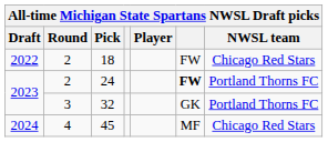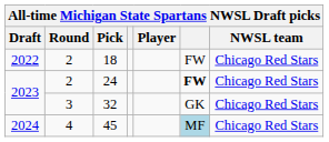 <table class="wikitable sortable" style="text-align: center;">
 <tr>
 <th colspan="7" style="background:#">All-time <a href='#'><span>Michigan State Spartans</span></a> NWSL Draft picks</th>
 </tr>
 <tr>
 <th scope="col">Draft</th>
 <th scope="col">Round</th>
 <th scope="col">Pick</th>
 <th scope="col"></th>
 <th scope="col">Player</th>
 <th scope="col"></th>
 <th scope="col">NWSL team</th>
 </tr>
 <tr>
 <td><a href='#'>2022</a></td>
 <td>2</td>
 <td>18</td>
 <td></td>
 <td></td>
 <td>FW</td>
 <td><a href='#'>Chicago Red Stars</a></td>
 </tr>
 <tr>
 <td rowspan="2"><a href='#'>2023</a></td>
 <td>2</td>
 <td>24</td>
 <td></td>
 <td></td>
 <td><strong>FW</strong></td>
-<td><a href='#'>Portland Thorns FC</a></td>
+<td><a href='#'>Chicago Red Stars</a></td>
 </tr>
 <tr>
 <td>3</td>
 <td>32</td>
 <td></td>
 <td></td>
 <td>GK</td>
-<td><a href='#'>Portland Thorns FC</a></td>
+<td><a href='#'>Chicago Red Stars</a></td>
 </tr>
 <tr>
 <td><a href='#'>2024</a></td>
 <td>4</td>
 <td>45</td>
 <td></td>
 <td></td>
-<td>MF</td>
+<td style="background: lightblue;">MF</td>
 <td><a href='#'>Chicago Red Stars</a></td>
 </tr>
 </table>
